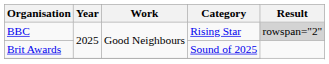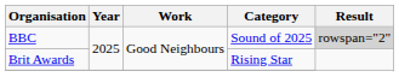 <table class="wikitable">
 <tr>
 <th>Organisation</th>
 <th>Year</th>
 <th>Work</th>
 <th>Category</th>
 <th>Result</th>
 </tr>
 <tr>
 <td><a href='#'>BBC</a></td>
 <td rowspan="2">2025</td>
 <td rowspan="2">Good Neighbours</td>
-<td><a href='#'>Rising Star</a></td>
+<td><a href='#'>Sound of 2025</a></td>
 <td style="background: lightgrey;">rowspan="2" </td>
 </tr>
 <tr>
 <td><a href='#'>Brit Awards</a></td>
-<td><a href='#'>Sound of 2025</a></td>
+<td><a href='#'>Rising Star</a></td>
 </tr>
 <tr>
 </tr>
 </table>
